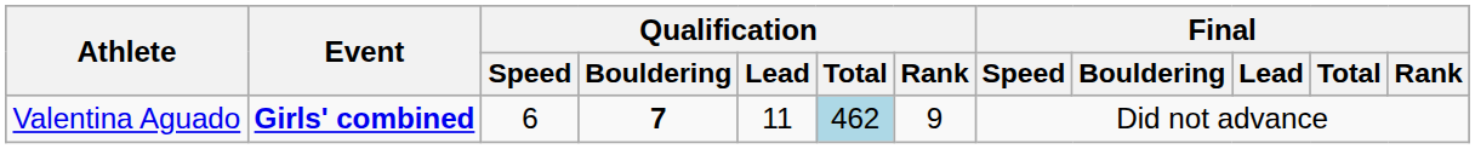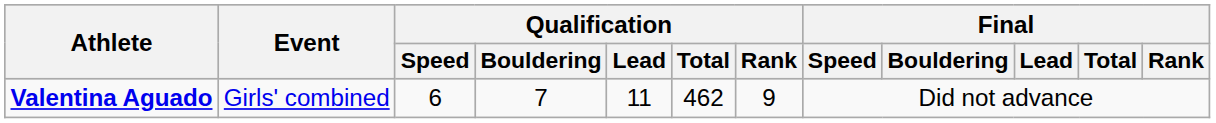 <table class="wikitable" style="font-size:90%">
 <tr>
 <th rowspan=2>Athlete</th>
 <th rowspan=2>Event</th>
 <th colspan=5>Qualification</th>
 <th colspan=5>Final</th>
 </tr>
 <tr style="font-size:95%">
 <th>Speed</th>
 <th>Bouldering</th>
 <th>Lead</th>
 <th>Total</th>
 <th>Rank</th>
 <th>Speed</th>
 <th>Bouldering</th>
 <th>Lead</th>
 <th>Total</th>
 <th>Rank</th>
 </tr>
 <tr align=center>
-<td align=left><a href='#'>Valentina Aguado</a></td>
-<td align=left><strong><a href='#'>Girls' combined</a></strong></td>
+<td align=left><strong><a href='#'>Valentina Aguado</a></strong></td>
+<td align=left><a href='#'>Girls' combined</a></td>
 <td>6</td>
-<td><strong>7</strong></td>
+<td>7</td>
 <td>11</td>
-<td style="background: lightblue;">462</td>
+<td>462</td>
 <td>9</td>
 <td colspan=5>Did not advance</td>
 </tr>
 </table>
